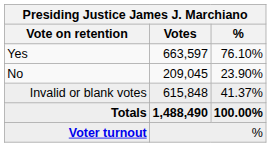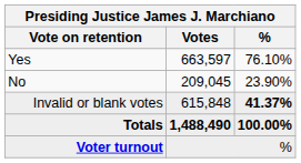 <table class="wikitable" style="font-size: 95%;">
 <tr style="background-color:#E9E9E9">
 <th colspan=7>Presiding Justice James J. Marchiano</th>
 </tr>
 <tr style="background-color:#E9E9E9">
 <th style="width: 170px">Vote on retention</th>
 <th style="width: 50px">Votes</th>
 <th style="width: 40px">%</th>
 </tr>
 <tr>
 <td>Yes</td>
 <td align="right">663,597</td>
 <td align="right">76.10%</td>
 </tr>
 <tr>
 <td>No</td>
 <td align="right">209,045</td>
 <td align="right">23.90%</td>
 </tr>
 <tr bgcolor="#EEEEEE">
 <td align="right">Invalid or blank votes</td>
 <td align="right">615,848</td>
-<td align="right">41.37%</td>
+<td align="right"><strong>41.37%</strong></td>
 </tr>
 <tr bgcolor="#EEEEEE">
 <td align="right"><strong>Totals</strong></td>
 <td align="right"><strong>1,488,490</strong></td>
 <td align="right"><strong>100.00%</strong></td>
 </tr>
 <tr bgcolor="#EEEEEE">
 <td align="right"><strong><a href='#'>Voter turnout</a></strong></td>
 <td colspan="2" align="right">%</td>
 </tr>
 </table>
